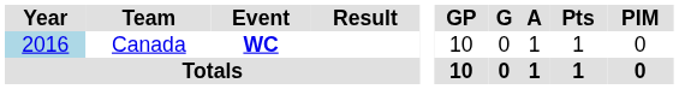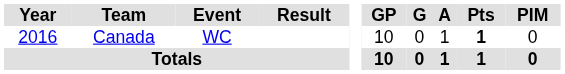 <table border="0" cellpadding="1" cellspacing="0" width="40%" style="text-align:center">
 <tr style="text-align:center; background:#e0e0e0;">
 <th>Year</th>
 <th>Team</th>
 <th>Event</th>
 <th>Result</th>
 <th rowspan="99" style="background:#fff;"> </th>
 <th>GP</th>
 <th>G</th>
 <th>A</th>
 <th>Pts</th>
 <th>PIM</th>
 </tr>
 <tr style="text-align:center;">
-<td style="background: lightblue;"><a href='#'>2016</a></td>
+<td><a href='#'>2016</a></td>
 <td><a href='#'>Canada</a></td>
-<td><strong><a href='#'>WC</a></strong></td>
+<td><a href='#'>WC</a></td>
 <td></td>
 <td>10</td>
 <td>0</td>
 <td>1</td>
-<td>1</td>
+<td><strong>1</strong></td>
 <td>0</td>
 </tr>
 <tr style="text-align:center; background:#e0e0e0;">
 <th colspan="4">Totals</th>
 <th>10</th>
 <th>0</th>
 <th>1</th>
 <th>1</th>
 <th>0</th>
 </tr>
 </table>
